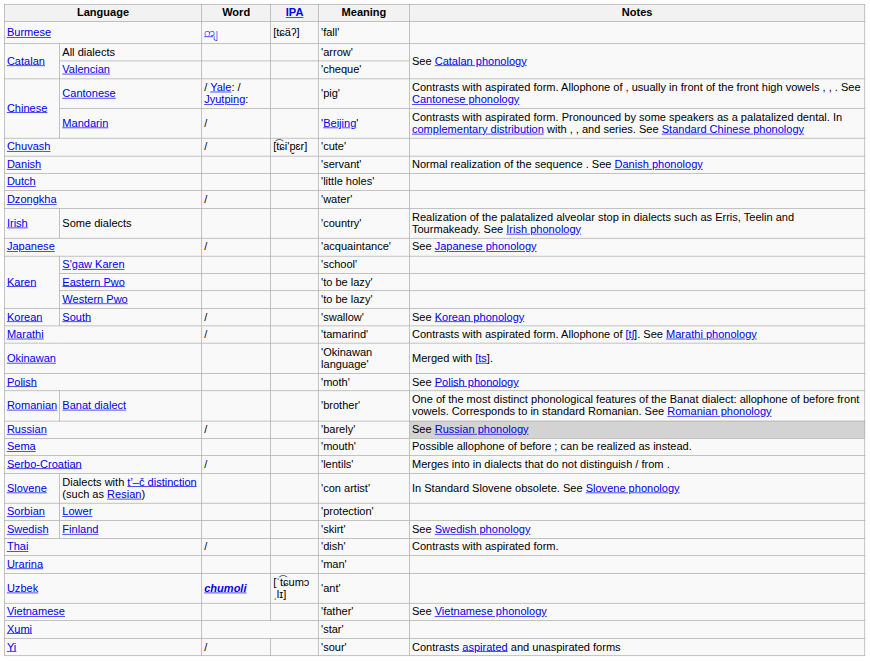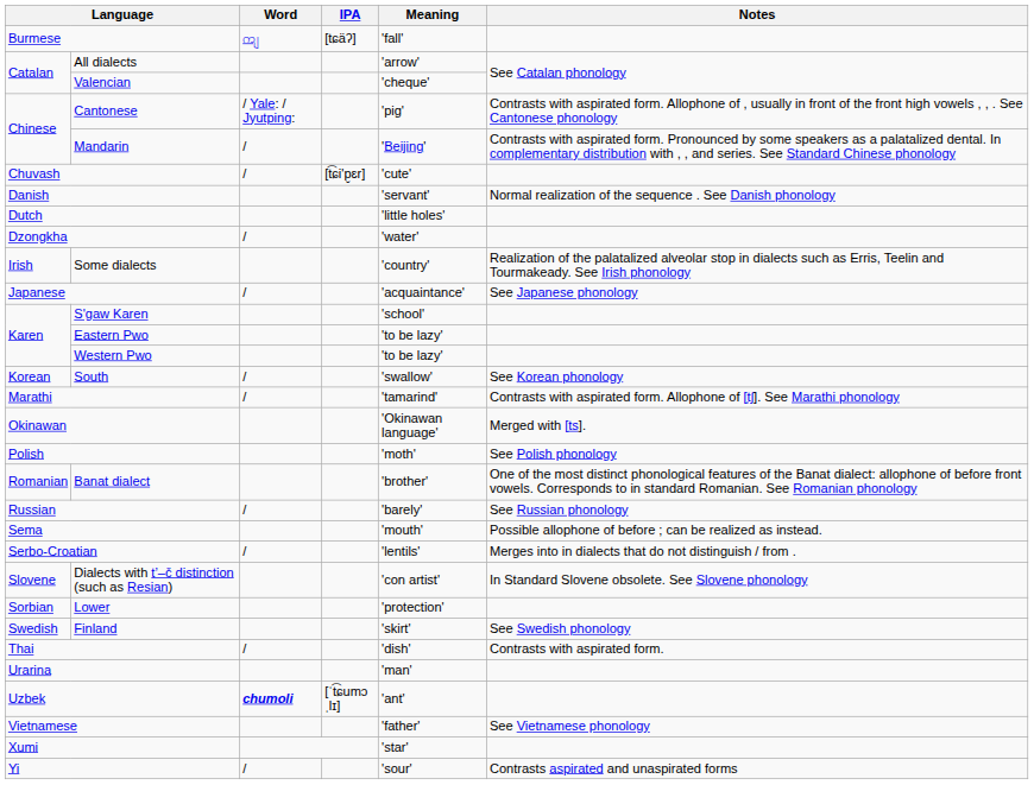 <table class="wikitable">
 <tr>
 <th colspan=2>Language</th>
 <th>Word</th>
 <th><a href='#'>IPA</a></th>
 <th>Meaning</th>
 <th>Notes</th>
 </tr>
 <tr>
 <td colspan="2"><a href='#'>Burmese</a></td>
 <td><a href='#'>ကျ</a></td>
 <td>[tɕäʔ]</td>
 <td>'fall'</td>
 <td></td>
 </tr>
 <tr>
 <td rowspan=2><a href='#'>Catalan</a></td>
 <td>All dialects</td>
 <td></td>
 <td></td>
 <td>'arrow'</td>
 <td rowspan="2">See <a href='#'>Catalan phonology</a></td>
 </tr>
 <tr>
 <td><a href='#'>Valencian</a></td>
 <td></td>
 <td></td>
 <td>'cheque'</td>
 </tr>
 <tr>
 <td rowspan=2><a href='#'>Chinese</a></td>
 <td><a href='#'>Cantonese</a></td>
 <td> / <a href='#'>Yale</a>:  / <a href='#'>Jyutping</a>: </td>
 <td></td>
 <td>'pig'</td>
 <td>Contrasts with aspirated form. Allophone of , usually in front of the front high vowels , , . See <a href='#'>Cantonese phonology</a></td>
 </tr>
 <tr>
 <td><a href='#'>Mandarin</a></td>
 <td> / </td>
 <td></td>
 <td>'<a href='#'>Beijing</a>'</td>
 <td>Contrasts with aspirated form. Pronounced by some speakers as a palatalized dental. In <a href='#'>complementary distribution</a> with , , and  series. See <a href='#'>Standard Chinese phonology</a></td>
 </tr>
 <tr>
 <td colspan="2"><a href='#'>Chuvash</a></td>
 <td>/</td>
 <td>[t͡ɕi'p̬ɛr]</td>
 <td>'cute'</td>
 <td></td>
 </tr>
 <tr>
 <td colspan="2"><a href='#'>Danish</a></td>
 <td></td>
 <td></td>
 <td>'servant'</td>
 <td>Normal realization of the sequence . See <a href='#'>Danish phonology</a></td>
 </tr>
 <tr>
 <td colspan="2"><a href='#'>Dutch</a></td>
 <td></td>
 <td></td>
 <td>'little holes'</td>
 <td></td>
 </tr>
 <tr>
 <td colspan="2"><a href='#'>Dzongkha</a></td>
 <td> / </td>
 <td></td>
 <td>'water'</td>
 <td></td>
 </tr>
 <tr>
 <td><a href='#'>Irish</a></td>
 <td>Some dialects</td>
 <td></td>
 <td></td>
 <td>'country'</td>
 <td>Realization of the palatalized alveolar stop  in dialects such as Erris, Teelin and Tourmakeady. See <a href='#'>Irish phonology</a></td>
 </tr>
 <tr>
 <td colspan="2"><a href='#'>Japanese</a></td>
 <td>/</td>
 <td></td>
 <td>'acquaintance'</td>
 <td>See <a href='#'>Japanese phonology</a></td>
 </tr>
 <tr>
 <td rowspan="3"><a href='#'>Karen</a></td>
 <td><a href='#'>S'gaw Karen</a></td>
 <td></td>
 <td></td>
 <td>'school'</td>
 <td></td>
 </tr>
 <tr>
 <td><a href='#'>Eastern Pwo</a></td>
 <td></td>
 <td></td>
 <td>'to be lazy'</td>
 <td></td>
 </tr>
 <tr>
 <td><a href='#'>Western Pwo</a></td>
 <td></td>
 <td></td>
 <td>'to be lazy'</td>
 <td></td>
 </tr>
 <tr>
 <td><a href='#'>Korean</a></td>
 <td><a href='#'>South</a></td>
 <td>/</td>
 <td></td>
 <td>'swallow'</td>
 <td>See <a href='#'>Korean phonology</a></td>
 </tr>
 <tr>
 <td colspan="2"><a href='#'>Marathi</a></td>
 <td>/</td>
 <td></td>
 <td>'tamarind'</td>
 <td>Contrasts with aspirated form. Allophone of <a href='#'>[tʃ</a>]. See <a href='#'>Marathi phonology</a></td>
 </tr>
 <tr>
 <td colspan="2"><a href='#'>Okinawan</a></td>
 <td></td>
 <td></td>
 <td>'Okinawan language'</td>
 <td>Merged with <a href='#'>[ts</a>].</td>
 </tr>
 <tr>
 <td colspan="2"><a href='#'>Polish</a></td>
 <td></td>
 <td></td>
 <td>'moth'</td>
 <td>See <a href='#'>Polish phonology</a></td>
 </tr>
 <tr>
 <td><a href='#'>Romanian</a></td>
 <td><a href='#'>Banat dialect</a></td>
 <td></td>
 <td></td>
 <td>'brother'</td>
 <td>One of the most distinct phonological features of the Banat dialect: allophone of  before front vowels. Corresponds to  in standard Romanian. See <a href='#'>Romanian phonology</a></td>
 </tr>
 <tr>
 <td colspan="2"><a href='#'>Russian</a></td>
 <td>/</td>
 <td></td>
 <td>'barely'</td>
-<td style="background: lightgrey;">See <a href='#'>Russian phonology</a></td>
+<td>See <a href='#'>Russian phonology</a></td>
 </tr>
 <tr>
 <td colspan="2"><a href='#'>Sema</a></td>
 <td></td>
 <td></td>
 <td>'mouth'</td>
 <td>Possible allophone of  before ; can be realized as  instead.</td>
 </tr>
 <tr>
 <td colspan="2"><a href='#'>Serbo-Croatian</a></td>
 <td>/</td>
 <td></td>
 <td>'lentils'</td>
 <td>Merges into  in dialects that do not distinguish / from .</td>
 </tr>
 <tr>
 <td><a href='#'>Slovene</a></td>
 <td>Dialects with <a href='#'>tʼ–č distinction</a> (such as <a href='#'>Resian</a>)</td>
 <td></td>
 <td></td>
 <td>'con artist'</td>
 <td>In Standard Slovene obsolete. See <a href='#'>Slovene phonology</a></td>
 </tr>
 <tr>
 <td><a href='#'>Sorbian</a></td>
 <td><a href='#'>Lower</a></td>
 <td></td>
 <td></td>
 <td>'protection'</td>
 <td></td>
 </tr>
 <tr>
 <td><a href='#'>Swedish</a></td>
 <td><a href='#'>Finland</a></td>
 <td></td>
 <td></td>
 <td>'skirt'</td>
 <td>See <a href='#'>Swedish phonology</a></td>
 </tr>
 <tr>
 <td colspan="2"><a href='#'>Thai</a></td>
 <td>/</td>
 <td></td>
 <td>'dish'</td>
 <td>Contrasts with aspirated form.</td>
 </tr>
 <tr>
 <td colspan="2"><a href='#'>Urarina</a></td>
 <td></td>
 <td></td>
 <td>'man'</td>
 <td></td>
 </tr>
 <tr>
 <td colspan="2"><a href='#'>Uzbek</a></td>
 <td><a href='#'><strong><em>ch<strong>umoli<em></a></td>
 <td>[ˈt͡ɕumɔˌlɪ]</td>
 <td>'ant'</td>
 <td></td>
 </tr>
 <tr>
 <td colspan="2"><a href='#'>Vietnamese</a></td>
 <td></td>
 <td></td>
 <td>'father'</td>
 <td>See <a href='#'>Vietnamese phonology</a></td>
 </tr>
 <tr>
 <td colspan="2"><a href='#'>Xumi</a></td>
 <td colspan=2 align=center></td>
 <td>'star'</td>
 <td></td>
 </tr>
 <tr>
 <td colspan="2"><a href='#'>Yi</a></td>
 <td>/</td>
 <td></td>
 <td>'sour'</td>
 <td>Contrasts <a href='#'>aspirated</a> and unaspirated forms</td>
 </tr>
 </table>
